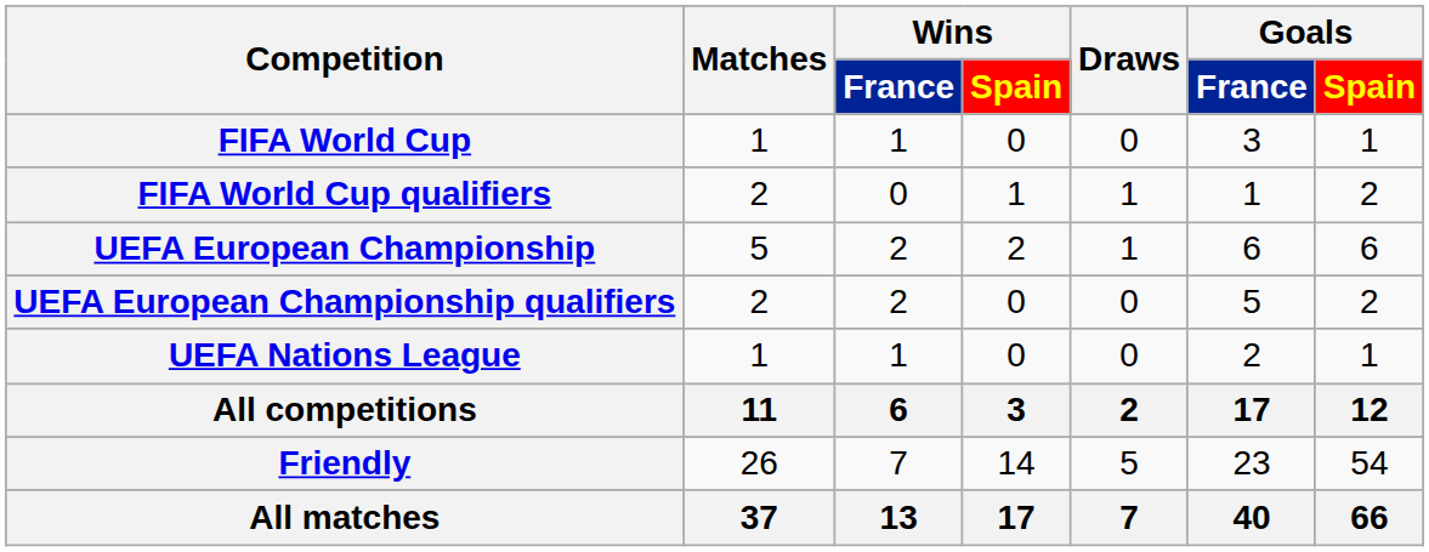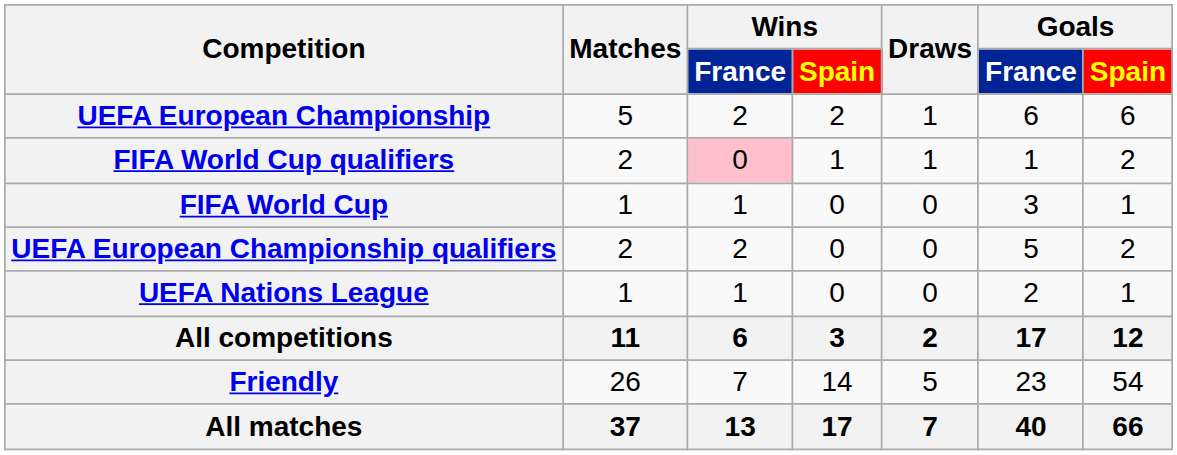 <table class="wikitable sortable" style="text-align:center">
 <tr>
 <th rowspan="2">Competition</th>
 <th rowspan="2">Matches</th>
 <th colspan="2">Wins</th>
 <th rowspan="2">Draws</th>
 <th colspan="2">Goals</th>
 </tr>
 <tr>
 <th style="color:#FFFFFF; background-color:#002395; ">France</th>
 <th style="color:#FFFF00; background-color:#FF0000;">Spain</th>
 <th style="color:#FFFFFF; background-color:#002395; ">France</th>
 <th style="color:#FFFF00; background-color:#FF0000;">Spain</th>
 </tr>
 <tr>
+<th scope=row><a href='#'>UEFA European Championship</a></th>
+<td>5</td>
+<td>2</td>
+<td>2</td>
+<td>1</td>
+<td>6</td>
+<td>6</td>
+</tr>
+<tr>
+<th scope=row><a href='#'>FIFA World Cup qualifiers</a></th>
+<td>2</td>
+<td style="background: pink;">0</td>
+<td>1</td>
+<td>1</td>
+<td>1</td>
+<td>2</td>
+</tr>
+<tr>
 <th scope=row><a href='#'>FIFA World Cup</a></th>
 <td>1</td>
 <td>1</td>
 <td>0</td>
 <td>0</td>
 <td>3</td>
 <td>1</td>
-</tr>
-<tr>
-<th scope=row><a href='#'>FIFA World Cup qualifiers</a></th>
-<td>2</td>
-<td>0</td>
-<td>1</td>
-<td>1</td>
-<td>1</td>
-<td>2</td>
-</tr>
-<tr>
-<th scope=row><a href='#'>UEFA European Championship</a></th>
-<td>5</td>
-<td>2</td>
-<td>2</td>
-<td>1</td>
-<td>6</td>
-<td>6</td>
 </tr>
 <tr>
 <th scope=row><a href='#'>UEFA European Championship qualifiers</a></th>
 <td>2</td>
 <td>2</td>
 <td>0</td>
 <td>0</td>
 <td>5</td>
 <td>2</td>
 </tr>
 <tr>
 <th scope=row><a href='#'>UEFA Nations League</a></th>
 <td>1</td>
 <td>1</td>
 <td>0</td>
 <td>0</td>
 <td>2</td>
 <td>1</td>
 </tr>
 <tr>
 <th scope=row>All competitions</th>
 <th>11</th>
 <th>6</th>
 <th>3</th>
 <th>2</th>
 <th>17</th>
 <th>12</th>
 </tr>
 <tr>
 <th scope=row><a href='#'>Friendly</a></th>
 <td>26</td>
 <td>7</td>
 <td>14</td>
 <td>5</td>
 <td>23</td>
 <td>54</td>
 </tr>
 <tr>
 <th scope=row>All matches</th>
 <th scope=row>37</th>
 <th>13</th>
 <th>17</th>
 <th>7</th>
 <th>40</th>
 <th>66</th>
 </tr>
 </table>
